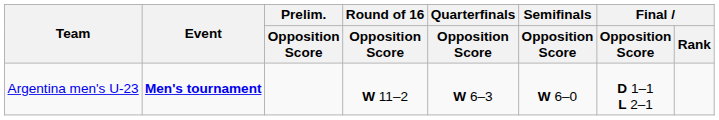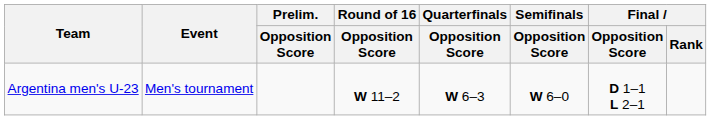 <table class=wikitable style=text-align:center>
 <tr>
 <th rowspan=2>Team</th>
 <th rowspan=2>Event</th>
 <th>Prelim.</th>
 <th>Round of 16</th>
 <th>Quarterfinals</th>
 <th>Semifinals</th>
 <th colspan=2>Final / </th>
 </tr>
 <tr>
 <th>Opposition<br>Score</th>
 <th>Opposition<br>Score</th>
 <th>Opposition<br>Score</th>
 <th>Opposition<br>Score</th>
 <th>Opposition<br>Score</th>
 <th>Rank</th>
 </tr>
 <tr>
 <td align=left><a href='#'>Argentina men's U-23</a></td>
-<td align=left><strong><a href='#'>Men's tournament</a></strong></td>
+<td align=left><a href='#'>Men's tournament</a></td>
 <td></td>
 <td><br><strong>W</strong> 11–2</td>
 <td><br><strong>W</strong> 6–3</td>
 <td><br><strong>W</strong> 6–0</td>
 <td><br><strong>D</strong> 1–1<br><strong>L</strong> 2–1</td>
 <td></td>
 </tr>
 </table>
